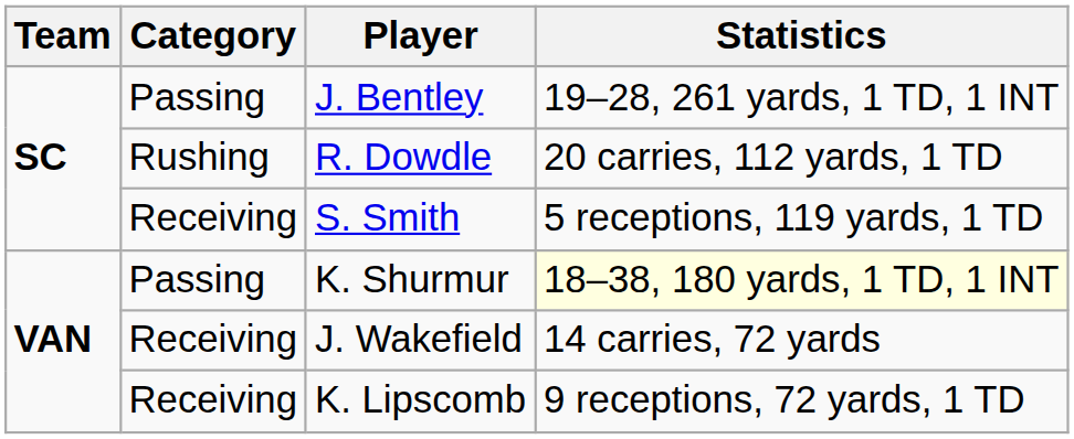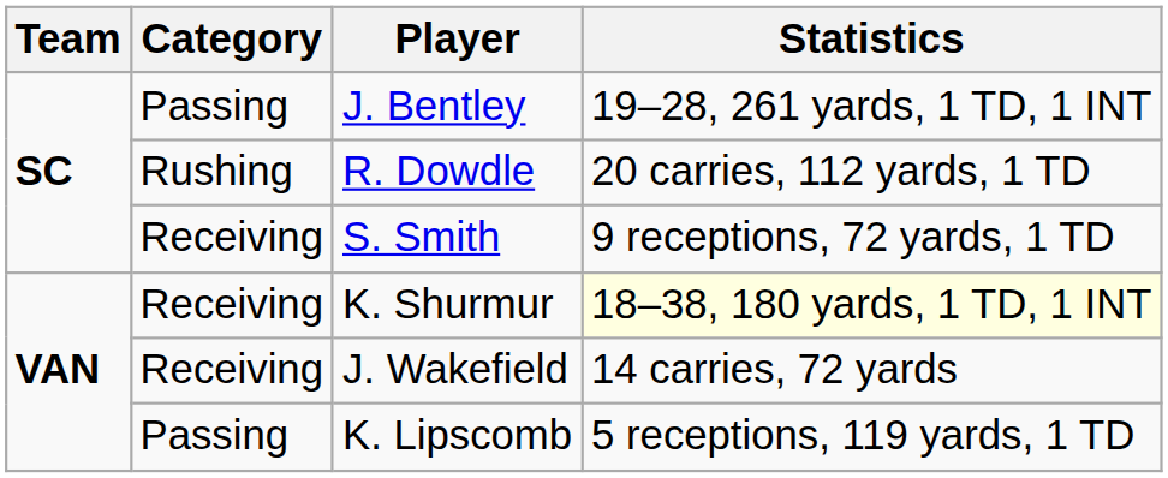 <table class="wikitable" style="float: right;">
 <tr>
 <th>Team</th>
 <th>Category</th>
 <th>Player</th>
 <th>Statistics</th>
 </tr>
 <tr>
 <td rowspan=3><strong>SC</strong></td>
 <td>Passing</td>
 <td><a href='#'>J. Bentley</a></td>
 <td>19–28, 261 yards, 1 TD, 1 INT</td>
 </tr>
 <tr>
 <td>Rushing</td>
 <td><a href='#'>R. Dowdle</a></td>
 <td>20 carries, 112 yards, 1 TD</td>
 </tr>
 <tr>
 <td>Receiving</td>
 <td><a href='#'>S. Smith</a></td>
-<td>5 receptions, 119 yards, 1 TD</td>
+<td>9 receptions, 72 yards, 1 TD</td>
 </tr>
 <tr>
 <td rowspan=3><strong>VAN</strong></td>
-<td>Passing</td>
+<td>Receiving</td>
 <td>K. Shurmur</td>
 <td style="background: lightyellow;">18–38, 180 yards, 1 TD, 1 INT</td>
 </tr>
 <tr>
 <td>Receiving</td>
 <td>J. Wakefield</td>
 <td>14 carries, 72 yards</td>
 </tr>
 <tr>
-<td>Receiving</td>
+<td>Passing</td>
 <td>K. Lipscomb</td>
-<td>9 receptions, 72 yards, 1 TD</td>
+<td>5 receptions, 119 yards, 1 TD</td>
 </tr>
 </table>
